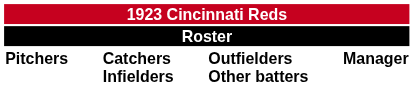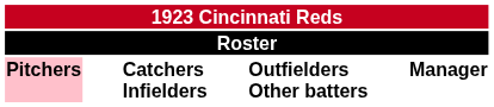 <table class="toccolours" style="font-size: 95%;">
 <tr>
 <th colspan="10" style="background-color: #c6011f; color: white; text-align: center;">1923 Cincinnati Reds</th>
 </tr>
 <tr>
 <td colspan="10" style="background-color: black; color: white; text-align: center;"><strong>Roster</strong></td>
 </tr>
 <tr>
-<td valign="top"><strong>Pitchers</strong><br>          </td>
+<td valign="top" style="background: pink;"><strong>Pitchers</strong><br>          </td>
 <td width="25px"></td>
 <td valign="top"><strong>Catchers</strong><br>   <strong>Infielders</strong>        </td>
 <td width="25px"></td>
 <td valign="top"><strong>Outfielders</strong><br>     <strong>Other batters</strong>  </td>
 <td width="25px"></td>
 <td valign="top"><strong>Manager</strong><br></td>
 </tr>
 </table>
